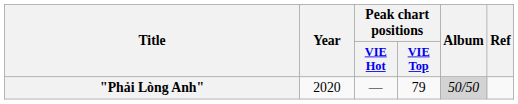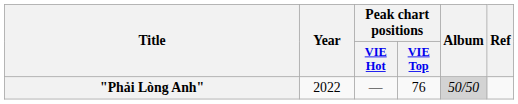 <table class="wikitable plainrowheaders" border="1" style="text-align:center;">
 <tr>
 <th scope="col" style="width:21em;" rowspan="2">Title</th>
 <th scope="col" style="width:3.5em;" rowspan="2">Year</th>
 <th colspan="2”">Peak chart positions</th>
 <th rowspan="2">Album</th>
 <th scope="col" class="unsortable" rowspan="2">Ref</th>
 </tr>
 <tr>
 <th style="width:3em;font-size:90%;"><a href='#'>VIE Hot</a></th>
 <th style="width:3em;font-size:90%;"><a href='#'>VIE Top</a></th>
 </tr>
 <tr>
 <th scope="row">"Phải Lòng Anh"</th>
-<td>2020</td>
+<td>2022</td>
 <td>—</td>
-<td>79</td>
+<td>76</td>
 <td style="background: lightgrey;"><em>50/50</em></td>
 <td></td>
 </tr>
 </table>
